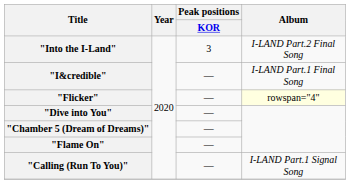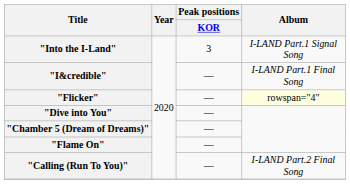 <table class="wikitable plainrowheaders" style="text-align:center;">
 <tr>
 <th rowspan="2">Title</th>
 <th rowspan="2">Year</th>
 <th colspan="1">Peak positions</th>
 <th rowspan="2" style="width:10em;">Album</th>
 </tr>
 <tr>
 <th><a href='#'>KOR</a><br></th>
 </tr>
 <tr>
 <th scope="row">"Into the I-Land"</th>
 <td rowspan="7">2020</td>
 <td>3</td>
-<td><em>I-LAND Part.2 Final Song</em></td>
+<td><em>I-LAND Part.1 Signal Song</em></td>
 </tr>
 <tr>
 <th scope="row">"I&credible"</th>
 <td>—</td>
 <td><em>I-LAND Part.1 Final Song</em></td>
 </tr>
 <tr>
 <th scope="row">"Flicker"</th>
 <td>—</td>
 <td style="background: lightyellow;">rowspan="4" </td>
 </tr>
 <tr>
 <th scope="row">"Dive into You"</th>
 <td>—</td>
 </tr>
 <tr>
 <th scope="row">"Chamber 5 (Dream of Dreams)"</th>
 <td>—</td>
 </tr>
 <tr>
 <th scope="row">"Flame On"</th>
 <td>—</td>
 </tr>
 <tr>
 <th scope="row">"Calling (Run To You)"</th>
 <td>—</td>
-<td><em>I-LAND Part.1 Signal Song</em></td>
+<td><em>I-LAND Part.2 Final Song</em></td>
 </tr>
 <tr>
 </tr>
 </table>
